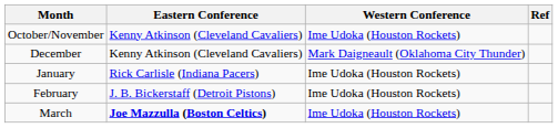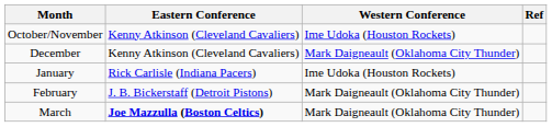 <table class="wikitable sortable" style="text-align:left;">
 <tr>
 <th>Month</th>
 <th>Eastern Conference</th>
 <th>Western Conference</th>
 <th class=unsortable>Ref</th>
 </tr>
 <tr>
 <td style="text-align:center;">October/November</td>
 <td><a href='#'>Kenny Atkinson</a> (<a href='#'>Cleveland Cavaliers</a>) </td>
 <td><a href='#'>Ime Udoka</a> (<a href='#'>Houston Rockets</a>) </td>
 <td style="text-align:center;"></td>
 </tr>
 <tr>
 <td style="text-align:center;">December</td>
 <td>Kenny Atkinson (Cleveland Cavaliers) </td>
 <td><a href='#'>Mark Daigneault</a> (<a href='#'>Oklahoma City Thunder</a>) </td>
 <td style="text-align:center;"></td>
 </tr>
 <tr>
 <td style="text-align:center;">January</td>
 <td><a href='#'>Rick Carlisle</a> (<a href='#'>Indiana Pacers</a>) </td>
 <td>Ime Udoka (Houston Rockets) </td>
 <td style="text-align:center;"></td>
 </tr>
 <tr>
 <td style="text-align:center;">February</td>
 <td><a href='#'>J. B. Bickerstaff</a> (<a href='#'>Detroit Pistons</a>) </td>
-<td>Ime Udoka (Houston Rockets) </td>
+<td>Mark Daigneault (Oklahoma City Thunder) </td>
 <td style="text-align:center;"></td>
 </tr>
 <tr>
 <td style="text-align:center;'">March</td>
 <td><strong><a href='#'>Joe Mazzulla</a> (<a href='#'>Boston Celtics</a>) </strong></td>
-<td><a href='#'>Ime Udoka</a> (<a href='#'>Houston Rockets</a>) </td>
+<td>Mark Daigneault (Oklahoma City Thunder) </td>
 <td style="text-align:center;"></td>
 </tr>
 </table>
